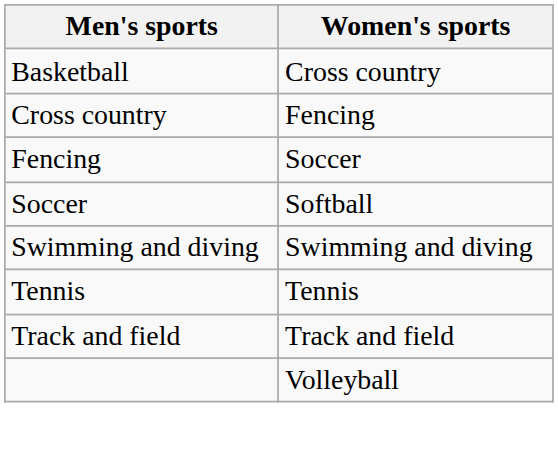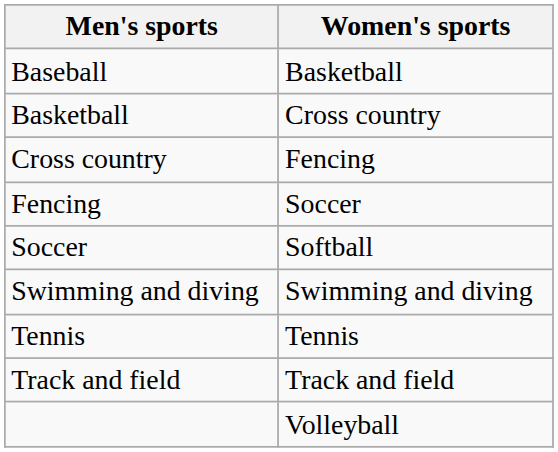 <table class="wikitable">
 <tr>
 <th width=150px>Men's sports</th>
 <th width=150px>Women's sports</th>
+</tr>
+<tr>
+<td>Baseball</td>
+<td>Basketball</td>
 </tr>
 <tr>
 <td>Basketball</td>
 <td>Cross country</td>
 </tr>
 <tr>
 <td>Cross country</td>
 <td>Fencing</td>
 </tr>
 <tr>
 <td>Fencing</td>
 <td>Soccer</td>
 </tr>
 <tr>
 <td>Soccer</td>
 <td>Softball</td>
 </tr>
 <tr>
 <td>Swimming and diving</td>
 <td>Swimming and diving</td>
 </tr>
 <tr>
 <td>Tennis</td>
 <td>Tennis</td>
 </tr>
 <tr>
 <td>Track and field </td>
 <td>Track and field </td>
 </tr>
 <tr>
 <td></td>
 <td>Volleyball</td>
 </tr>
 </table>
